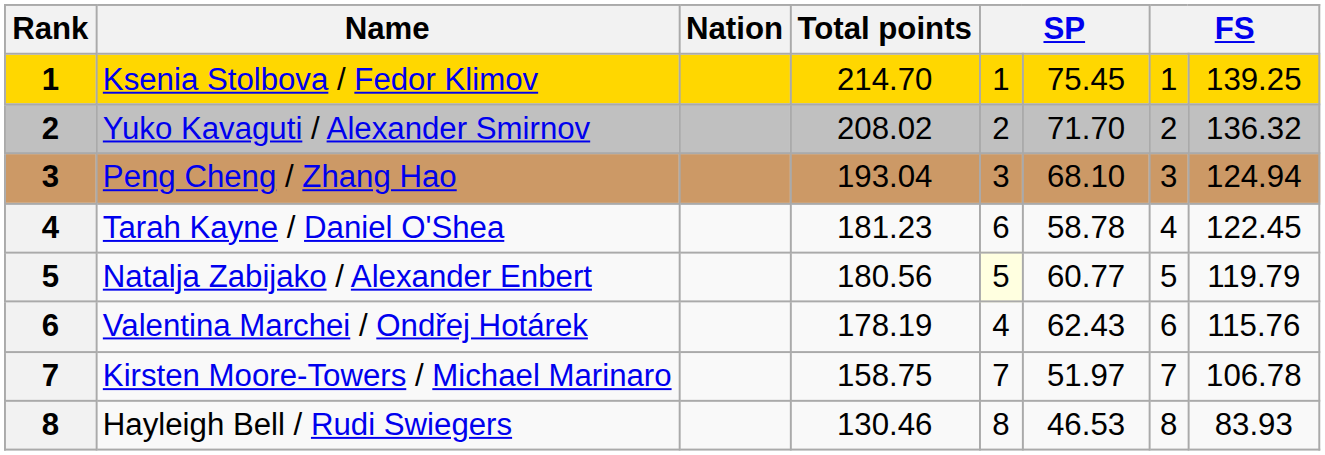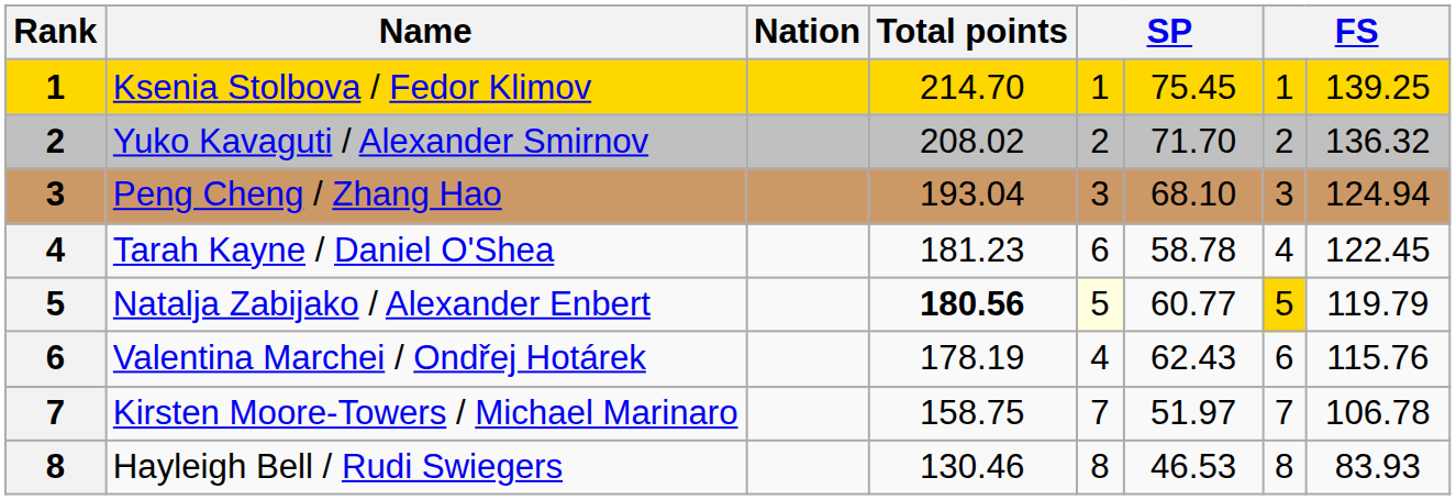 <table class="wikitable sortable">
 <tr>
 <th>Rank</th>
 <th>Name</th>
 <th>Nation</th>
 <th>Total points</th>
 <th colspan="2" width="80px"><a href='#'>SP</a></th>
 <th colspan="2" width="80px"><a href='#'>FS</a></th>
 </tr>
 <tr bgcolor="gold">
 <td align="center"><strong>1</strong></td>
 <td><a href='#'>Ksenia Stolbova</a> / <a href='#'>Fedor Klimov</a></td>
 <td></td>
 <td align="center">214.70</td>
 <td align="center">1</td>
 <td align="center">75.45</td>
 <td align="center">1</td>
 <td align="center">139.25</td>
 </tr>
 <tr bgcolor="silver">
 <td align="center"><strong>2</strong></td>
 <td><a href='#'>Yuko Kavaguti</a> / <a href='#'>Alexander Smirnov</a></td>
 <td></td>
 <td align="center">208.02</td>
 <td align="center">2</td>
 <td align="center">71.70</td>
 <td align="center">2</td>
 <td align="center">136.32</td>
 </tr>
 <tr bgcolor="cc9966">
 <td align="center"><strong>3</strong></td>
 <td><a href='#'>Peng Cheng</a> / <a href='#'>Zhang Hao</a></td>
 <td></td>
 <td align="center">193.04</td>
 <td align="center">3</td>
 <td align="center">68.10</td>
 <td align="center">3</td>
 <td align="center">124.94</td>
 </tr>
 <tr>
 <th>4</th>
 <td><a href='#'>Tarah Kayne</a> / <a href='#'>Daniel O'Shea</a></td>
 <td></td>
 <td align="center">181.23</td>
 <td align="center">6</td>
 <td align="center">58.78</td>
 <td align="center">4</td>
 <td align="center">122.45</td>
 </tr>
 <tr>
 <th>5</th>
 <td><a href='#'>Natalja Zabijako</a> / <a href='#'>Alexander Enbert</a></td>
 <td></td>
-<td align="center">180.56</td>
+<td align="center"><strong>180.56</strong></td>
 <td align="center" style="background: lightyellow;">5</td>
 <td align="center">60.77</td>
-<td align="center">5</td>
+<td align="center" style="background: gold;">5</td>
 <td align="center">119.79</td>
 </tr>
 <tr>
 <th>6</th>
 <td><a href='#'>Valentina Marchei</a> / <a href='#'>Ondřej Hotárek</a></td>
 <td></td>
 <td align="center">178.19</td>
 <td align="center">4</td>
 <td align="center">62.43</td>
 <td align="center">6</td>
 <td align="center">115.76</td>
 </tr>
 <tr>
 <th>7</th>
 <td><a href='#'>Kirsten Moore-Towers</a> / <a href='#'>Michael Marinaro</a></td>
 <td></td>
 <td align="center">158.75</td>
 <td align="center">7</td>
 <td align="center">51.97</td>
 <td align="center">7</td>
 <td align="center">106.78</td>
 </tr>
 <tr>
 <th>8</th>
 <td>Hayleigh Bell / <a href='#'>Rudi Swiegers</a></td>
 <td></td>
 <td align="center">130.46</td>
 <td align="center">8</td>
 <td align="center">46.53</td>
 <td align="center">8</td>
 <td align="center">83.93</td>
 </tr>
 </table>
